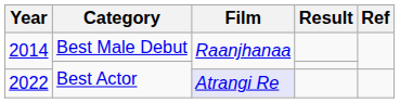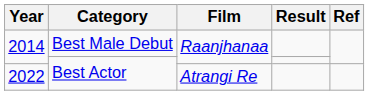 <table class="wikitable plainrowheaders sortable">
 <tr>
 <th>Year</th>
 <th>Category</th>
 <th>Film</th>
 <th>Result</th>
 <th>Ref</th>
 </tr>
 <tr>
 <td rowspan="2"><a href='#'>2014</a></td>
 <td><a href='#'>Best Male Debut</a></td>
 <td rowspan="2"><em><a href='#'>Raanjhanaa</a></em></td>
 <td></td>
 <td rowspan=2></td>
 </tr>
 <tr>
 <td rowspan="2"><a href='#'>Best Actor</a></td>
 <td></td>
 </tr>
 <tr>
 <td><a href='#'>2022</a></td>
-<td style="background: lavender;"><em><a href='#'>Atrangi Re</a></em></td>
+<td><em><a href='#'>Atrangi Re</a></em></td>
 <td></td>
 <td></td>
 </tr>
 </table>
